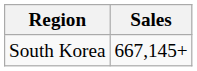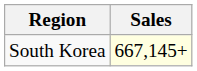 <table class="wikitable">
 <tr>
 <th>Region</th>
 <th>Sales</th>
 </tr>
 <tr>
 <td>South Korea</td>
-<td>667,145+</td>
+<td style="background: lightyellow;">667,145+</td>
 </tr>
 </table>
